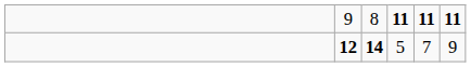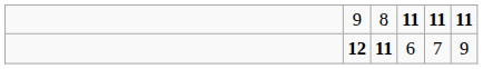 <table class="wikitable">
 <tr>
 <td style="width:18em"></td>
 <td align=center style="width:1em">9</td>
 <td align=center style="width:1em">8</td>
 <td align=center style="width:1em"><strong>11</strong></td>
 <td align=center style="width:1em"><strong>11</strong></td>
 <td align=center style="width:1em"><strong>11</strong></td>
 </tr>
 <tr>
 <td style="width:18em"></td>
 <td align=center style="width:1em"><strong>12</strong></td>
-<td align=center style="width:1em"><strong>14</strong></td>
-<td align=center style="width:1em">5</td>
+<td align=center style="width:1em"><strong>11</strong></td>
+<td align=center style="width:1em">6</td>
 <td align=center style="width:1em">7</td>
 <td align=center style="width:1em">9</td>
 </tr>
 </table>
